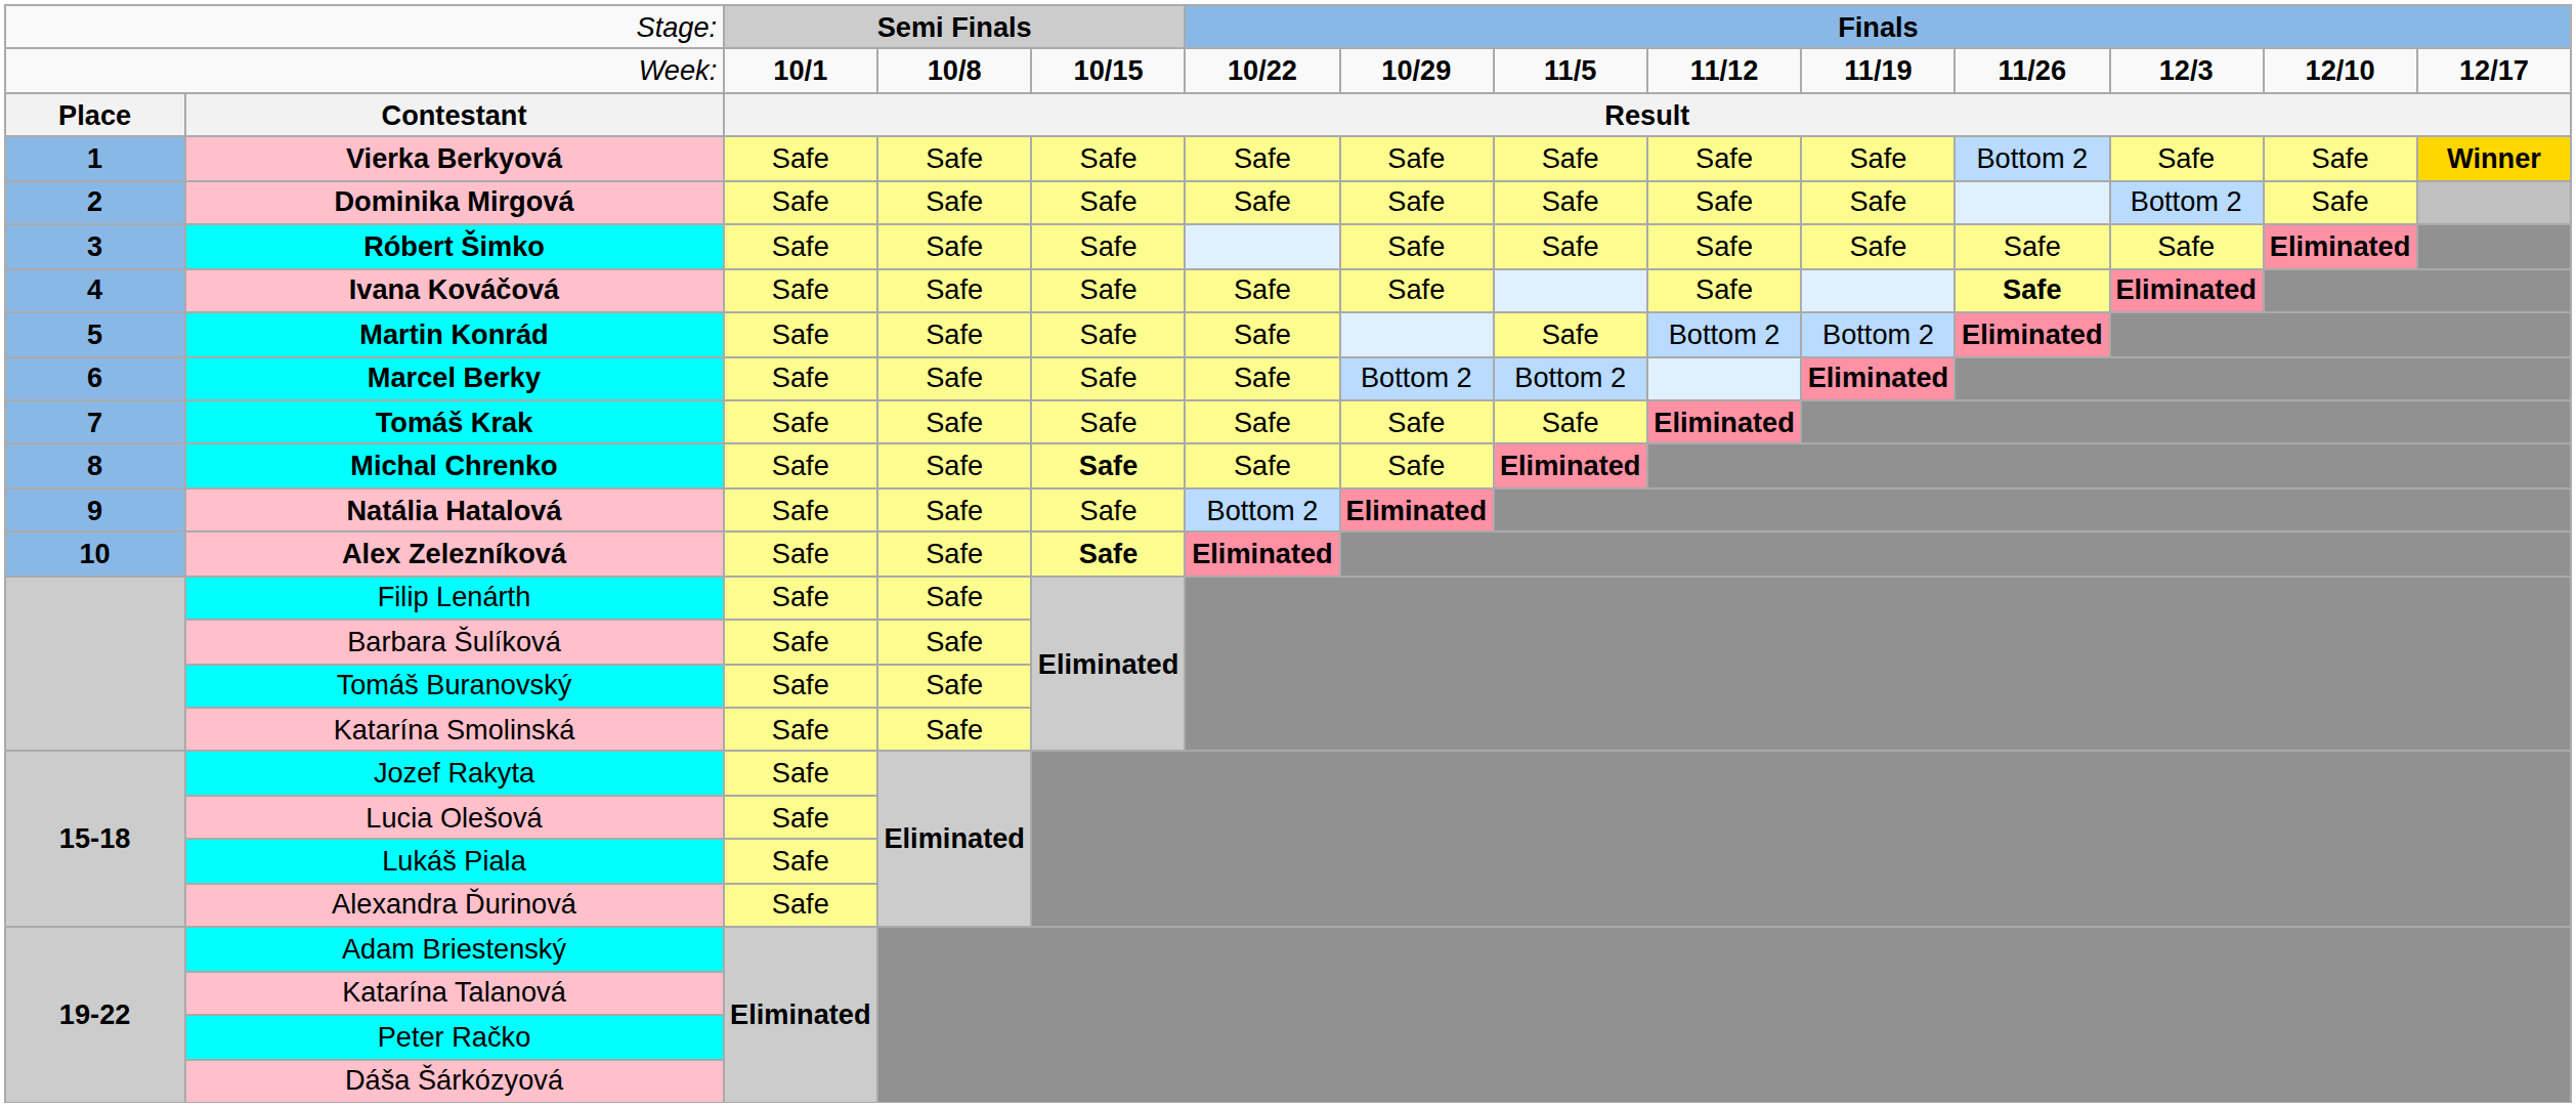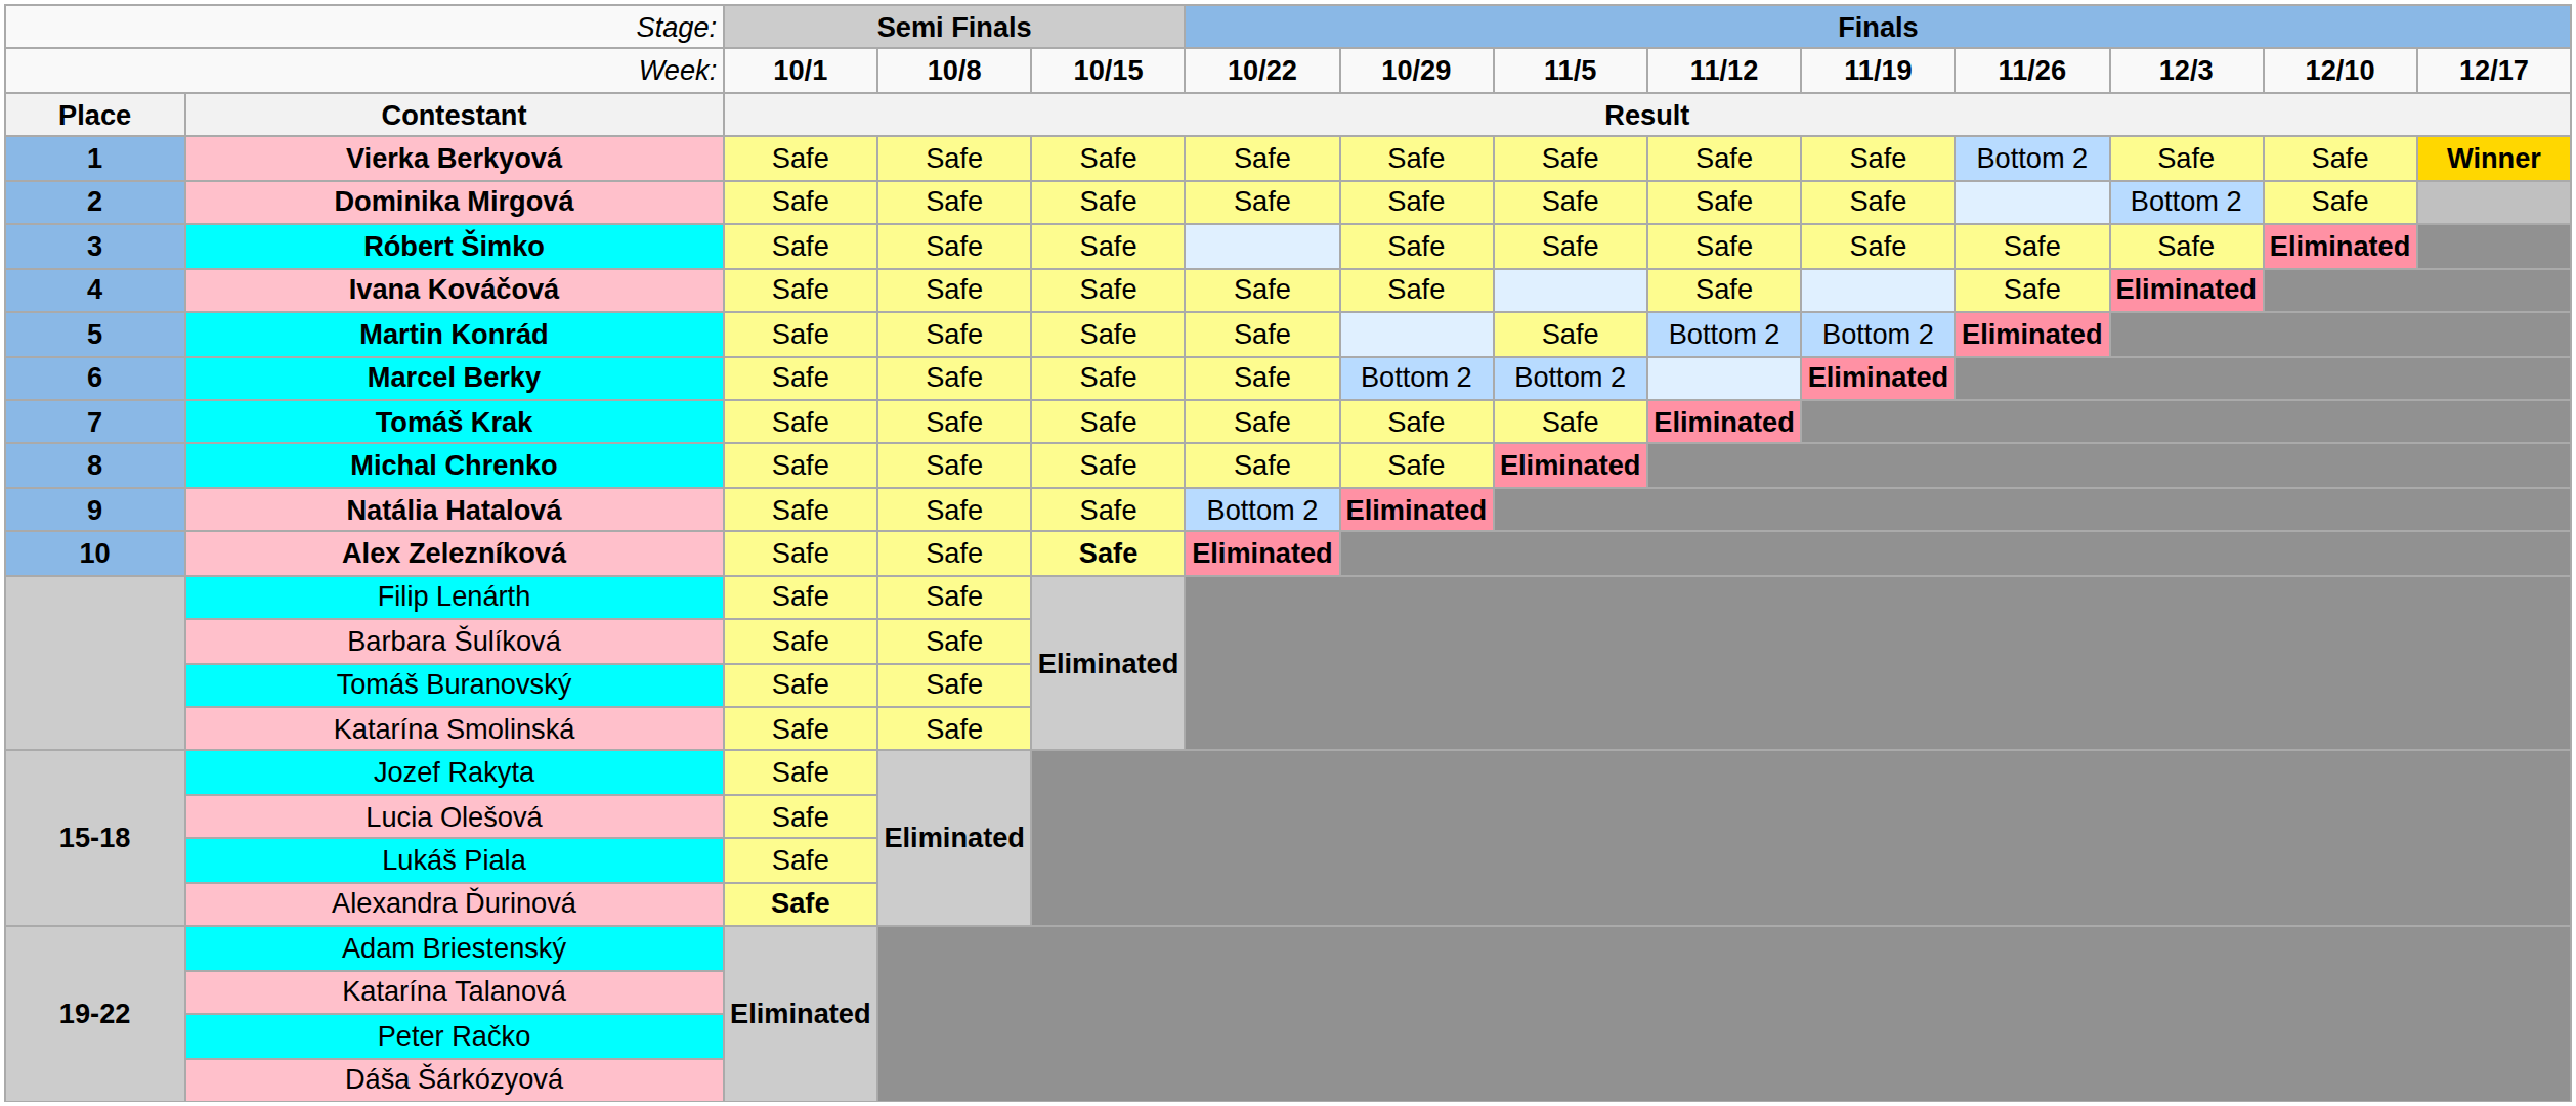 <table class="wikitable" style="margin:1em auto; text-align:center; font-size:85%">
 <tr>
 <td colspan="2" align="right"><em>Stage:</em></td>
 <td colspan="3" bgcolor="#CCCCCC"><strong>Semi Finals</strong></td>
 <td colspan="9" bgcolor="#8AB8E6"><strong>Finals</strong></td>
 </tr>
 <tr>
 <td colspan="2" align="right"><em>Week:</em></td>
 <td width=6%><strong>10/1</strong></td>
 <td width=6%><strong>10/8</strong></td>
 <td width=6%><strong>10/15</strong></td>
 <td width=6%><strong>10/22</strong></td>
 <td width=6%><strong>10/29</strong></td>
 <td width=6%><strong>11/5</strong></td>
 <td width=6%><strong>11/12</strong></td>
 <td width=6%><strong>11/19</strong></td>
 <td width=6%><strong>11/26</strong></td>
 <td width=6%><strong>12/3</strong></td>
 <td width=6%><strong>12/10</strong></td>
 <td width=6%><strong>12/17</strong></td>
 </tr>
 <tr>
 <th>Place</th>
 <th>Contestant</th>
 <th colspan="12">Result</th>
 </tr>
 <tr>
 <td bgcolor="#8AB8E6"><strong>1</strong></td>
 <td bgcolor="pink"><strong>Vierka Berkyová</strong></td>
 <td style="background:#FDFC8F;">Safe</td>
 <td style="background:#FDFC8F;">Safe</td>
 <td style="background:#FDFC8F;">Safe</td>
 <td style="background:#FDFC8F;">Safe</td>
 <td style="background:#FDFC8F;">Safe</td>
 <td style="background:#FDFC8F;">Safe</td>
 <td style="background:#FDFC8F;">Safe</td>
 <td style="background:#FDFC8F;">Safe</td>
 <td style="background:#B8DBFF">Bottom 2</td>
 <td style="background:#FDFC8F;">Safe</td>
 <td style="background:#FDFC8F;">Safe</td>
 <td style="background:gold;"><strong>Winner</strong></td>
 </tr>
 <tr>
 <td bgcolor="8AB8E6"><strong>2</strong></td>
 <td bgcolor="pink"><strong>Dominika Mirgová</strong></td>
 <td style="background:#FDFC8F;">Safe</td>
 <td style="background:#FDFC8F;">Safe</td>
 <td style="background:#FDFC8F;">Safe</td>
 <td style="background:#FDFC8F;">Safe</td>
 <td style="background:#FDFC8F;">Safe</td>
 <td style="background:#FDFC8F;">Safe</td>
 <td style="background:#FDFC8F;">Safe</td>
 <td style="background:#FDFC8F;">Safe</td>
 <td bgcolor="#E0F0FF"></td>
 <td style="background:#B8DBFF">Bottom 2</td>
 <td style="background:#FDFC8F;">Safe</td>
 <td style="background:silver;"></td>
 </tr>
 <tr>
 <td bgcolor="#8AB8E6"><strong>3</strong></td>
 <td bgcolor="cyan"><strong>Róbert Šimko</strong></td>
 <td style="background:#FDFC8F;">Safe</td>
 <td style="background:#FDFC8F;">Safe</td>
 <td style="background:#FDFC8F;">Safe</td>
 <td bgcolor="#E0F0FF"></td>
 <td style="background:#FDFC8F;">Safe</td>
 <td style="background:#FDFC8F;">Safe</td>
 <td style="background:#FDFC8F;">Safe</td>
 <td style="background:#FDFC8F;">Safe</td>
 <td style="background:#FDFC8F;">Safe</td>
 <td style="background:#FDFC8F;">Safe</td>
 <td style="background:#FF91A4;"><strong>Eliminated</strong></td>
 <td bgcolor="#919191"></td>
 </tr>
 <tr>
 <td bgcolor="8AB8E6"><strong>4</strong></td>
 <td bgcolor="pink"><strong>Ivana Kováčová</strong></td>
 <td style="background:#FDFC8F;">Safe</td>
 <td style="background:#FDFC8F;">Safe</td>
 <td style="background:#FDFC8F;">Safe</td>
 <td style="background:#FDFC8F;">Safe</td>
 <td style="background:#FDFC8F;">Safe</td>
 <td bgcolor="#E0F0FF"></td>
 <td style="background:#FDFC8F;">Safe</td>
 <td bgcolor="#E0F0FF"></td>
-<td style="background:#FDFC8F;"><strong>Safe</strong></td>
+<td style="background:#FDFC8F;">Safe</td>
 <td style="background:#FF91A4;"><strong>Eliminated</strong></td>
 <td bgcolor="#919191" colspan="2"></td>
 </tr>
 <tr>
 <td bgcolor="8AB8E6"><strong>5</strong></td>
 <td bgcolor="cyan"><strong>Martin Konrád</strong></td>
 <td style="background:#FDFC8F;">Safe</td>
 <td style="background:#FDFC8F;">Safe</td>
 <td style="background:#FDFC8F;">Safe</td>
 <td style="background:#FDFC8F;">Safe</td>
 <td bgcolor="#E0F0FF"></td>
 <td style="background:#FDFC8F;">Safe</td>
 <td style="background:#B8DBFF">Bottom 2</td>
 <td style="background:#B8DBFF">Bottom 2</td>
 <td style="background:#FF91A4;"><strong>Eliminated</strong></td>
 <td bgcolor="#919191" colspan="3"></td>
 </tr>
 <tr>
 <td bgcolor="8AB8E6"><strong>6</strong></td>
 <td bgcolor="cyan"><strong>Marcel Berky</strong></td>
 <td style="background:#FDFC8F;">Safe</td>
 <td style="background:#FDFC8F;">Safe</td>
 <td style="background:#FDFC8F;">Safe</td>
 <td style="background:#FDFC8F;">Safe</td>
 <td style="background:#B8DBFF">Bottom 2</td>
 <td style="background:#B8DBFF">Bottom 2</td>
 <td bgcolor="#E0F0FF"></td>
 <td style="background:#FF91A4;"><strong>Eliminated</strong></td>
 <td bgcolor="#919191" colspan="4"></td>
 </tr>
 <tr>
 <td bgcolor="8AB8E6"><strong>7</strong></td>
 <td bgcolor="cyan"><strong>Tomáš Krak</strong></td>
 <td style="background:#FDFC8F;">Safe</td>
 <td style="background:#FDFC8F;">Safe</td>
 <td style="background:#FDFC8F;">Safe</td>
 <td style="background:#FDFC8F;">Safe</td>
 <td style="background:#FDFC8F;">Safe</td>
 <td style="background:#FDFC8F;">Safe</td>
 <td style="background:#FF91A4;"><strong>Eliminated</strong></td>
 <td bgcolor="#919191" colspan="5"></td>
 </tr>
 <tr>
 <td bgcolor="8AB8E6"><strong>8</strong></td>
 <td bgcolor="cyan"><strong>Michal Chrenko</strong></td>
 <td style="background:#FDFC8F;">Safe</td>
 <td style="background:#FDFC8F;">Safe</td>
-<td style="background:#FDFC8F;"><strong>Safe</strong></td>
+<td style="background:#FDFC8F;">Safe</td>
 <td style="background:#FDFC8F;">Safe</td>
 <td style="background:#FDFC8F;">Safe</td>
 <td style="background:#FF91A4;"><strong>Eliminated</strong></td>
 <td bgcolor="#919191" colspan="6"></td>
 </tr>
 <tr>
 <td bgcolor="8AB8E6"><strong>9</strong></td>
 <td bgcolor="pink"><strong>Natália Hatalová</strong></td>
 <td style="background:#FDFC8F;">Safe</td>
 <td style="background:#FDFC8F;">Safe</td>
 <td style="background:#FDFC8F;">Safe</td>
 <td style="background:#B8DBFF">Bottom 2</td>
 <td style="background:#FF91A4;"><strong>Eliminated</strong></td>
 <td bgcolor="#919191" colspan="7"></td>
 </tr>
 <tr>
 <td bgcolor="#8AB8E6"><strong>10</strong></td>
 <td bgcolor="pink"><strong>Alex Zelezníková</strong></td>
 <td style="background:#FDFC8F;">Safe</td>
 <td style="background:#FDFC8F;">Safe</td>
 <td style="background:#FDFC8F;"><strong>Safe</strong></td>
 <td style="background:#FF91A4;"><strong>Eliminated</strong></td>
 <td bgcolor="#919191" colspan="8"></td>
 </tr>
 <tr>
 <td bgcolor="#CCCCCC" rowspan=4></td>
 <td bgcolor="cyan">Filip Lenárth</td>
 <td style="background:#FDFC8F;">Safe</td>
 <td style="background:#FDFC8F;">Safe</td>
 <td bgcolor="#CCCCCC" rowspan=4><strong>Eliminated</strong></td>
 <td bgcolor="#919191" colspan=12 rowspan="4"></td>
 </tr>
 <tr>
 <td bgcolor="pink">Barbara Šulíková</td>
 <td style="background:#FDFC8F;">Safe</td>
 <td style="background:#FDFC8F;">Safe</td>
 </tr>
 <tr>
 <td bgcolor="cyan">Tomáš Buranovský</td>
 <td style="background:#FDFC8F;">Safe</td>
 <td style="background:#FDFC8F;">Safe</td>
 </tr>
 <tr>
 <td bgcolor="pink">Katarína Smolinská</td>
 <td style="background:#FDFC8F;">Safe</td>
 <td style="background:#FDFC8F;">Safe</td>
 </tr>
 <tr>
 <td bgcolor="#CCCCCC" rowspan=4><strong>15-18</strong></td>
 <td bgcolor="cyan">Jozef Rakyta</td>
 <td style="background:#FDFC8F;">Safe</td>
 <td bgcolor="#CCCCCC" rowspan=4><strong>Eliminated</strong></td>
 <td bgcolor="#919191" colspan=13 rowspan="4"></td>
 </tr>
 <tr>
 <td bgcolor="pink">Lucia Olešová</td>
 <td style="background:#FDFC8F;">Safe</td>
 </tr>
 <tr>
 <td bgcolor="cyan">Lukáš Piala</td>
 <td style="background:#FDFC8F;">Safe</td>
 </tr>
 <tr>
 <td bgcolor="pink">Alexandra Ďurinová</td>
-<td style="background:#FDFC8F;">Safe</td>
+<td style="background:#FDFC8F;"><strong>Safe</strong></td>
 </tr>
 <tr>
 <td bgcolor="#CCCCCC" rowspan=4><strong>19-22</strong></td>
 <td bgcolor="cyan">Adam Briestenský</td>
 <td bgcolor="#CCCCCC" rowspan=4><strong>Eliminated</strong></td>
 <td bgcolor="#919191" colspan=14 rowspan="4"></td>
 </tr>
 <tr>
 <td bgcolor="pink">Katarína Talanová</td>
 </tr>
 <tr>
 <td bgcolor="cyan">Peter Račko</td>
 </tr>
 <tr>
 <td bgcolor="pink">Dáša Šárkózyová</td>
 </tr>
 <tr>
 </tr>
 </table>
